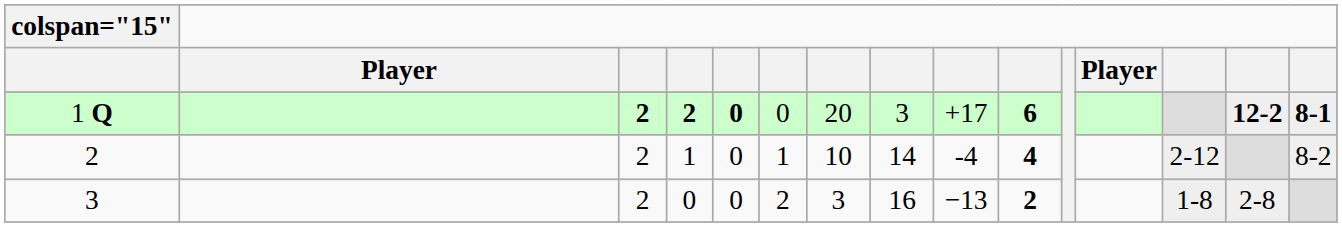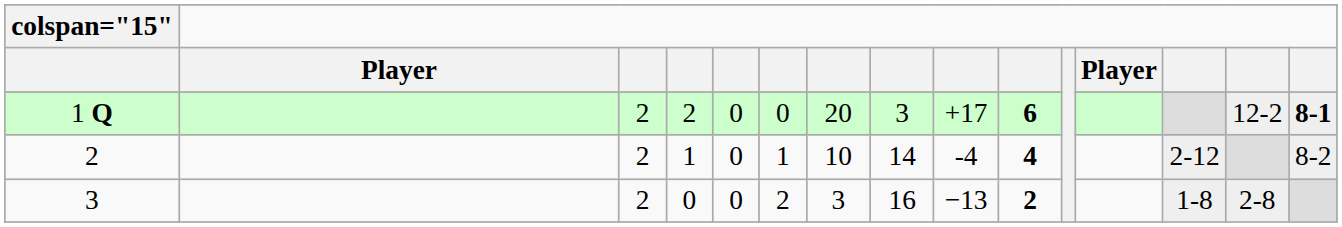 <table class=wikitable style=text-align:center>
 <tr>
 <th>colspan="15" </th>
 </tr>
 <tr>
 <th width=20 abbr=Position></th>
 <th width=250>Player</th>
 <th width=20 abbr=Played></th>
 <th width=20 abbr=Won></th>
 <th width=20 abbr=Drawn></th>
 <th width=20 abbr=Lost></th>
 <th width=30 abbr=Points for></th>
 <th width=30 abbr=Points against></th>
 <th width=30 abbr=Points difference></th>
 <th width=30 abbr=Points></th>
 <th rowspan="4" abbr=H2H></th>
 <th>Player</th>
 <th></th>
 <th></th>
 <th></th>
 </tr>
 <tr bgcolor=#CCFFCC>
 <td>1 <strong>Q</strong></td>
 <td align=left><strong></strong></td>
-<td><strong>2</strong></td>
-<td><strong>2</strong></td>
-<td><strong>0</strong></td>
+<td>2</td>
+<td>2</td>
+<td>0</td>
 <td>0</td>
 <td>20</td>
 <td>3</td>
 <td>+17</td>
 <td><strong>6</strong></td>
 <td></td>
 <td bgcolor="#dddddd"> </td>
-<td bgcolor="#efefef"><strong>12-2</strong></td>
+<td bgcolor="#efefef">12-2</td>
 <td bgcolor="#efefef"><strong>8-1</strong></td>
 </tr>
 <tr>
 <td>2  </td>
 <td align=left><strong></strong></td>
 <td>2</td>
 <td>1</td>
 <td>0</td>
 <td>1</td>
 <td>10</td>
 <td>14</td>
 <td>-4</td>
 <td><strong>4</strong></td>
 <td></td>
 <td bgcolor="#efefef">2-12</td>
 <td bgcolor="#dddddd"> </td>
 <td bgcolor="#efefef">8-2</td>
 </tr>
 <tr>
 <td>3 </td>
 <td align=left></td>
 <td>2</td>
 <td>0</td>
 <td>0</td>
 <td>2</td>
 <td>3</td>
 <td>16</td>
 <td>−13</td>
 <td><strong>2</strong></td>
 <td></td>
 <td bgcolor="#efefef">1-8</td>
 <td bgcolor="#efefef">2-8</td>
 <td bgcolor="#dddddd"> </td>
 </tr>
 </table>
